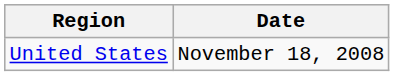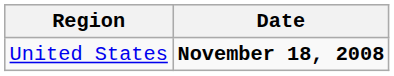 <table class="wikitable">
 <tr>
 <th>Region</th>
 <th>Date</th>
 </tr>
 <tr>
 <td><a href='#'>United States</a></td>
-<td>November 18, 2008</td>
+<td><strong>November 18, 2008</strong></td>
 </tr>
 </table>
